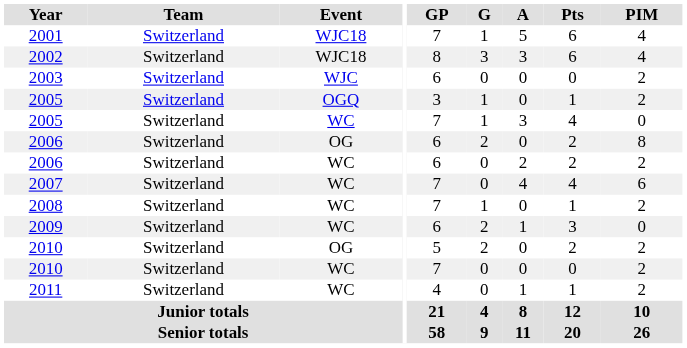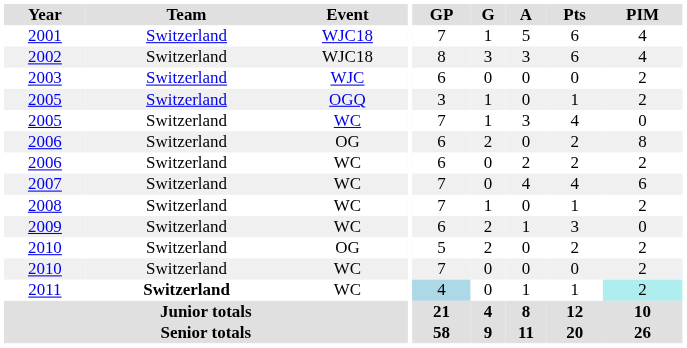 <table border="0" cellpadding="1" cellspacing="0" ID="Table3" style="text-align:center; width:40em">
 <tr ALIGN="center" bgcolor="#e0e0e0">
 <th>Year</th>
 <th>Team</th>
 <th>Event</th>
 <th rowspan="99" bgcolor="#ffffff"></th>
 <th>GP</th>
 <th>G</th>
 <th>A</th>
 <th>Pts</th>
 <th>PIM</th>
 </tr>
 <tr>
 <td><a href='#'>2001</a></td>
 <td><a href='#'>Switzerland</a></td>
 <td><a href='#'>WJC18</a></td>
 <td>7</td>
 <td>1</td>
 <td>5</td>
 <td>6</td>
 <td>4</td>
 </tr>
 <tr bgcolor="#f0f0f0">
 <td><a href='#'>2002</a></td>
 <td>Switzerland</td>
 <td>WJC18</td>
 <td>8</td>
 <td>3</td>
 <td>3</td>
 <td>6</td>
 <td>4</td>
 </tr>
 <tr>
 <td><a href='#'>2003</a></td>
 <td><a href='#'>Switzerland</a></td>
 <td><a href='#'>WJC</a></td>
 <td>6</td>
 <td>0</td>
 <td>0</td>
 <td>0</td>
 <td>2</td>
 </tr>
 <tr bgcolor="#f0f0f0">
 <td><a href='#'>2005</a></td>
 <td><a href='#'>Switzerland</a></td>
 <td><a href='#'>OGQ</a></td>
 <td>3</td>
 <td>1</td>
 <td>0</td>
 <td>1</td>
 <td>2</td>
 </tr>
 <tr>
 <td><a href='#'>2005</a></td>
 <td>Switzerland</td>
 <td><a href='#'>WC</a></td>
 <td>7</td>
 <td>1</td>
 <td>3</td>
 <td>4</td>
 <td>0</td>
 </tr>
 <tr bgcolor="#f0f0f0">
 <td><a href='#'>2006</a></td>
 <td>Switzerland</td>
 <td>OG</td>
 <td>6</td>
 <td>2</td>
 <td>0</td>
 <td>2</td>
 <td>8</td>
 </tr>
 <tr>
 <td><a href='#'>2006</a></td>
 <td>Switzerland</td>
 <td>WC</td>
 <td>6</td>
 <td>0</td>
 <td>2</td>
 <td>2</td>
 <td>2</td>
 </tr>
 <tr bgcolor="#f0f0f0">
 <td><a href='#'>2007</a></td>
 <td>Switzerland</td>
 <td>WC</td>
 <td>7</td>
 <td>0</td>
 <td>4</td>
 <td>4</td>
 <td>6</td>
 </tr>
 <tr>
 <td><a href='#'>2008</a></td>
 <td>Switzerland</td>
 <td>WC</td>
 <td>7</td>
 <td>1</td>
 <td>0</td>
 <td>1</td>
 <td>2</td>
 </tr>
 <tr bgcolor="#f0f0f0">
 <td><a href='#'>2009</a></td>
 <td>Switzerland</td>
 <td>WC</td>
 <td>6</td>
 <td>2</td>
 <td>1</td>
 <td>3</td>
 <td>0</td>
 </tr>
 <tr>
 <td><a href='#'>2010</a></td>
 <td>Switzerland</td>
 <td>OG</td>
 <td>5</td>
 <td>2</td>
 <td>0</td>
 <td>2</td>
 <td>2</td>
 </tr>
 <tr bgcolor="#f0f0f0">
 <td><a href='#'>2010</a></td>
 <td>Switzerland</td>
 <td>WC</td>
 <td>7</td>
 <td>0</td>
 <td>0</td>
 <td>0</td>
 <td>2</td>
 </tr>
 <tr>
 <td><a href='#'>2011</a></td>
-<td>Switzerland</td>
+<td><strong>Switzerland</strong></td>
 <td>WC</td>
-<td>4</td>
+<td style="background: lightblue;">4</td>
 <td>0</td>
 <td>1</td>
 <td>1</td>
-<td>2</td>
+<td style="background: paleturquoise;">2</td>
 </tr>
 <tr bgcolor="#e0e0e0">
 <th colspan="3">Junior totals</th>
 <th>21</th>
 <th>4</th>
 <th>8</th>
 <th>12</th>
 <th>10</th>
 </tr>
 <tr bgcolor="#e0e0e0">
 <th colspan="3">Senior totals</th>
 <th>58</th>
 <th>9</th>
 <th>11</th>
 <th>20</th>
 <th>26</th>
 </tr>
 </table>
